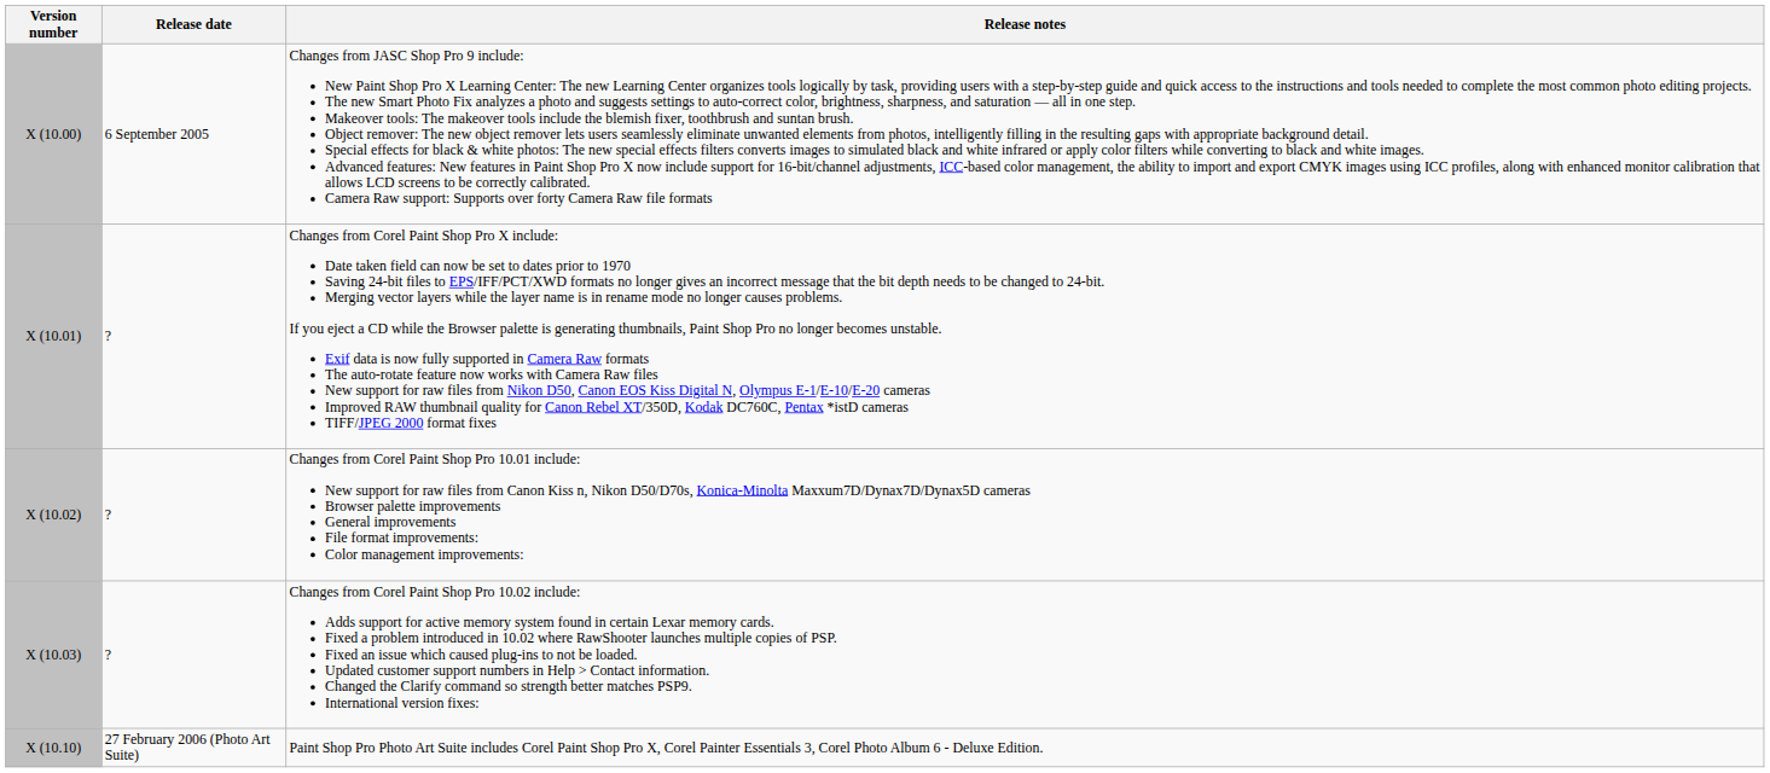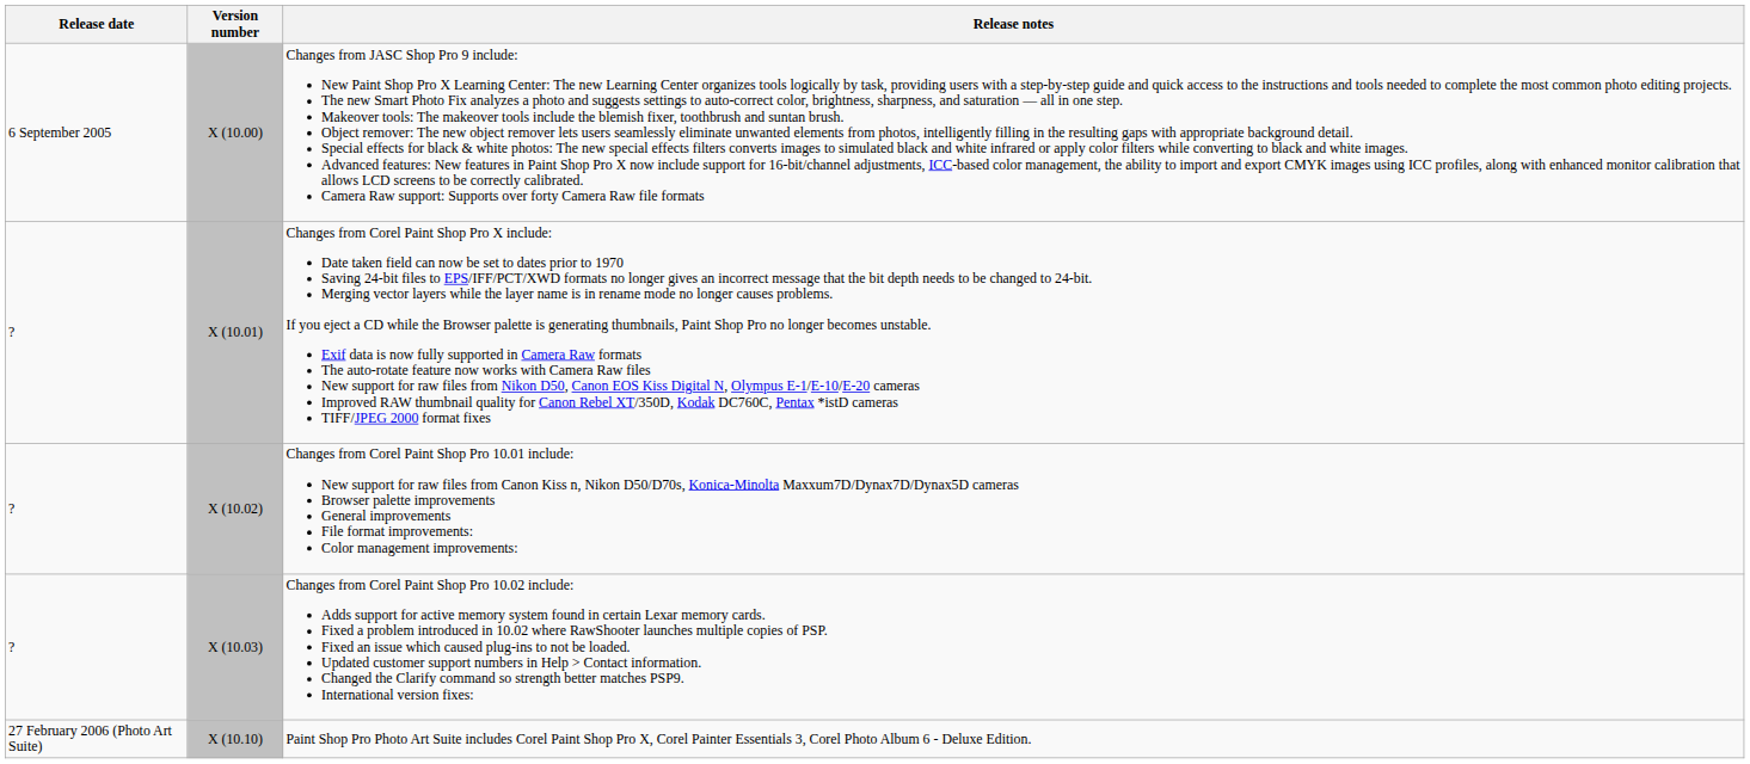 <table class="wikitable sortable">
 <tr>
+<th class="unsortable">Release date</th>
 <th>Version number</th>
-<th class="unsortable">Release date</th>
 <th>Release notes</th>
 </tr>
 <tr>
+<td>6 September 2005</td>
 <td style="text-align:center; background:#c0c0c0">X (10.00)</td>
-<td>6 September 2005</td>
 <td>Changes from JASC Shop Pro 9 include:<br><ul><li>New Paint Shop Pro X Learning Center: The new Learning Center organizes tools logically by task, providing users with a step-by-step guide and quick access to the instructions and tools needed to complete the most common photo editing projects.</li><li>The new Smart Photo Fix analyzes a photo and suggests settings to auto-correct color, brightness, sharpness, and saturation — all in one step.</li><li>Makeover tools: The makeover tools include the blemish fixer, toothbrush and suntan brush.</li><li>Object remover: The new object remover lets users seamlessly eliminate unwanted elements from photos, intelligently filling in the resulting gaps with appropriate background detail.</li><li>Special effects for black & white photos: The new special effects filters converts images to simulated black and white infrared or apply color filters while converting to black and white images.</li><li>Advanced features: New features in Paint Shop Pro X now include support for 16-bit/channel adjustments, <a href='#'>ICC</a>-based color management, the ability to import and export CMYK images using ICC profiles, along with enhanced monitor calibration that allows LCD screens to be correctly calibrated.</li><li>Camera Raw support: Supports over forty Camera Raw file formats</li></ul></td>
 </tr>
 <tr>
+<td>?</td>
 <td style="text-align:center; background:#c0c0c0">X (10.01)</td>
-<td>?</td>
 <td>Changes from Corel Paint Shop Pro X include:<br><ul><li>Date taken field can now be set to dates prior to 1970</li><li>Saving 24-bit files to <a href='#'>EPS</a>/IFF/PCT/XWD formats no longer gives an incorrect message that the bit depth needs to be changed to 24-bit.</li><li>Merging vector layers while the layer name is in rename mode no longer causes problems.</li></ul>If you eject a CD while the Browser palette is generating thumbnails, Paint Shop Pro no longer becomes unstable.<ul><li><a href='#'>Exif</a> data is now fully supported in <a href='#'>Camera Raw</a> formats</li><li>The auto-rotate feature now works with Camera Raw files</li><li>New support for raw files from <a href='#'>Nikon D50</a>, <a href='#'>Canon EOS Kiss Digital N</a>, <a href='#'>Olympus E-1</a>/<a href='#'>E-10</a>/<a href='#'>E-20</a> cameras</li><li>Improved RAW thumbnail quality for <a href='#'>Canon Rebel XT</a>/350D, <a href='#'>Kodak</a> DC760C, <a href='#'>Pentax</a> *istD cameras</li><li>TIFF/<a href='#'>JPEG 2000</a> format fixes</li></ul></td>
 </tr>
 <tr>
+<td>?</td>
 <td style="text-align:center; background:#c0c0c0">X (10.02)</td>
-<td>?</td>
 <td>Changes from Corel Paint Shop Pro 10.01 include:<br><ul><li>New support for raw files from Canon Kiss n, Nikon D50/D70s, <a href='#'>Konica-Minolta</a> Maxxum7D/Dynax7D/Dynax5D cameras</li><li>Browser palette improvements</li><li>General improvements</li><li>File format improvements:</li><li>Color management improvements:</li></ul></td>
 </tr>
 <tr>
+<td>?</td>
 <td style="text-align:center; background:#c0c0c0">X (10.03)</td>
-<td>?</td>
 <td>Changes from Corel Paint Shop Pro 10.02 include:<br><ul><li>Adds support for active memory system found in certain Lexar memory cards.</li><li>Fixed a problem introduced in 10.02 where RawShooter launches multiple copies of PSP.</li><li>Fixed an issue which caused plug-ins to not be loaded.</li><li>Updated customer support numbers in Help > Contact information.</li><li>Changed the Clarify command so strength better matches PSP9.</li><li>International version fixes:</li></ul></td>
 </tr>
 <tr>
+<td>27 February 2006 (Photo Art Suite)</td>
 <td style="text-align:center; background:#c0c0c0">X (10.10)</td>
-<td>27 February 2006 (Photo Art Suite)</td>
 <td>Paint Shop Pro Photo Art Suite includes Corel Paint Shop Pro X, Corel Painter Essentials 3, Corel Photo Album 6 - Deluxe Edition.</td>
 </tr>
 </table>
